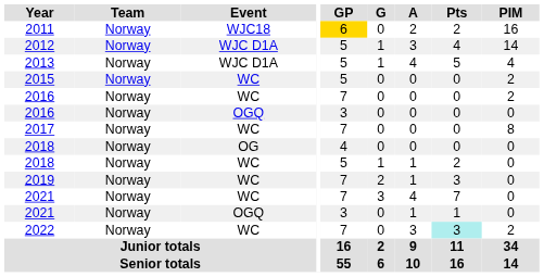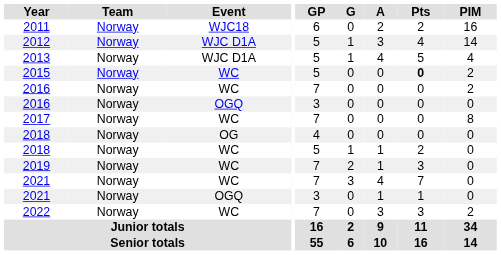 <table border="0" cellpadding="1" cellspacing="0" ID="Table3" style="text-align:center; width:40em">
 <tr ALIGN="center" bgcolor="#e0e0e0">
 <th>Year</th>
 <th>Team</th>
 <th>Event</th>
 <th rowspan="99" bgcolor="#ffffff"></th>
 <th>GP</th>
 <th>G</th>
 <th>A</th>
 <th>Pts</th>
 <th>PIM</th>
 </tr>
 <tr>
 <td><a href='#'>2011</a></td>
 <td><a href='#'>Norway</a></td>
 <td><a href='#'>WJC18</a></td>
-<td style="background: gold;">6</td>
+<td>6</td>
 <td>0</td>
 <td>2</td>
 <td>2</td>
 <td>16</td>
 </tr>
 <tr bgcolor="#f0f0f0">
 <td><a href='#'>2012</a></td>
 <td><a href='#'>Norway</a></td>
 <td><a href='#'>WJC D1A</a></td>
 <td>5</td>
 <td>1</td>
 <td>3</td>
 <td>4</td>
 <td>14</td>
 </tr>
 <tr>
 <td><a href='#'>2013</a></td>
 <td>Norway</td>
 <td>WJC D1A</td>
 <td>5</td>
 <td>1</td>
 <td>4</td>
 <td>5</td>
 <td>4</td>
 </tr>
 <tr bgcolor="#f0f0f0">
 <td><a href='#'>2015</a></td>
 <td><a href='#'>Norway</a></td>
 <td><a href='#'>WC</a></td>
 <td>5</td>
 <td>0</td>
 <td>0</td>
-<td>0</td>
+<td><strong>0</strong></td>
 <td>2</td>
 </tr>
 <tr>
 <td><a href='#'>2016</a></td>
 <td>Norway</td>
 <td>WC</td>
 <td>7</td>
 <td>0</td>
 <td>0</td>
 <td>0</td>
 <td>2</td>
 </tr>
 <tr bgcolor="#f0f0f0">
 <td><a href='#'>2016</a></td>
 <td>Norway</td>
 <td><a href='#'>OGQ</a></td>
 <td>3</td>
 <td>0</td>
 <td>0</td>
 <td>0</td>
 <td>0</td>
 </tr>
 <tr>
 <td><a href='#'>2017</a></td>
 <td>Norway</td>
 <td>WC</td>
 <td>7</td>
 <td>0</td>
 <td>0</td>
 <td>0</td>
 <td>8</td>
 </tr>
 <tr bgcolor="#f0f0f0">
 <td><a href='#'>2018</a></td>
 <td>Norway</td>
 <td>OG</td>
 <td>4</td>
 <td>0</td>
 <td>0</td>
 <td>0</td>
 <td>0</td>
 </tr>
 <tr>
 <td><a href='#'>2018</a></td>
 <td>Norway</td>
 <td>WC</td>
 <td>5</td>
 <td>1</td>
 <td>1</td>
 <td>2</td>
 <td>0</td>
 </tr>
 <tr bgcolor="#f0f0f0">
 <td><a href='#'>2019</a></td>
 <td>Norway</td>
 <td>WC</td>
 <td>7</td>
 <td>2</td>
 <td>1</td>
 <td>3</td>
 <td>0</td>
 </tr>
 <tr>
 <td><a href='#'>2021</a></td>
 <td>Norway</td>
 <td>WC</td>
 <td>7</td>
 <td>3</td>
 <td>4</td>
 <td>7</td>
 <td>0</td>
 </tr>
 <tr bgcolor="#f0f0f0">
 <td><a href='#'>2021</a></td>
 <td>Norway</td>
 <td>OGQ</td>
 <td>3</td>
 <td>0</td>
 <td>1</td>
 <td>1</td>
 <td>0</td>
 </tr>
 <tr>
 <td><a href='#'>2022</a></td>
 <td>Norway</td>
 <td>WC</td>
 <td>7</td>
 <td>0</td>
 <td>3</td>
-<td style="background: paleturquoise;">3</td>
+<td>3</td>
 <td>2</td>
 </tr>
 <tr bgcolor="#e0e0e0">
 <th colspan="3">Junior totals</th>
 <th>16</th>
 <th>2</th>
 <th>9</th>
 <th>11</th>
 <th>34</th>
 </tr>
 <tr bgcolor="#e0e0e0">
 <th colspan="3">Senior totals</th>
 <th>55</th>
 <th>6</th>
 <th>10</th>
 <th>16</th>
 <th>14</th>
 </tr>
 </table>
